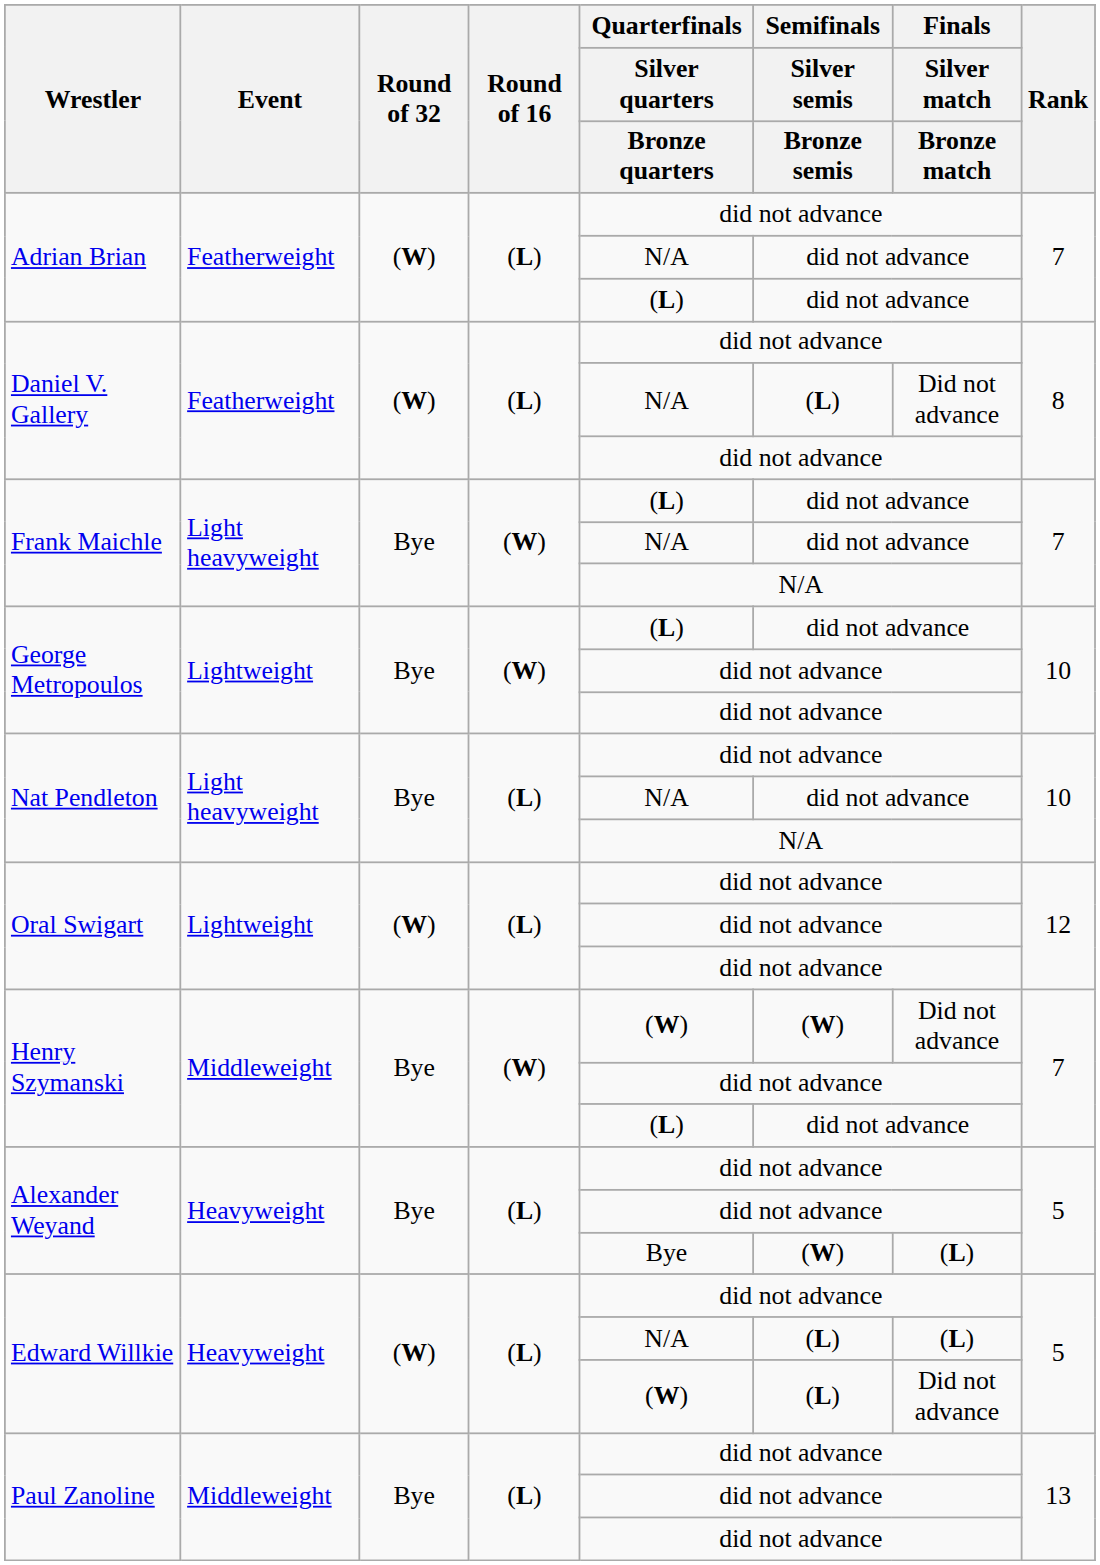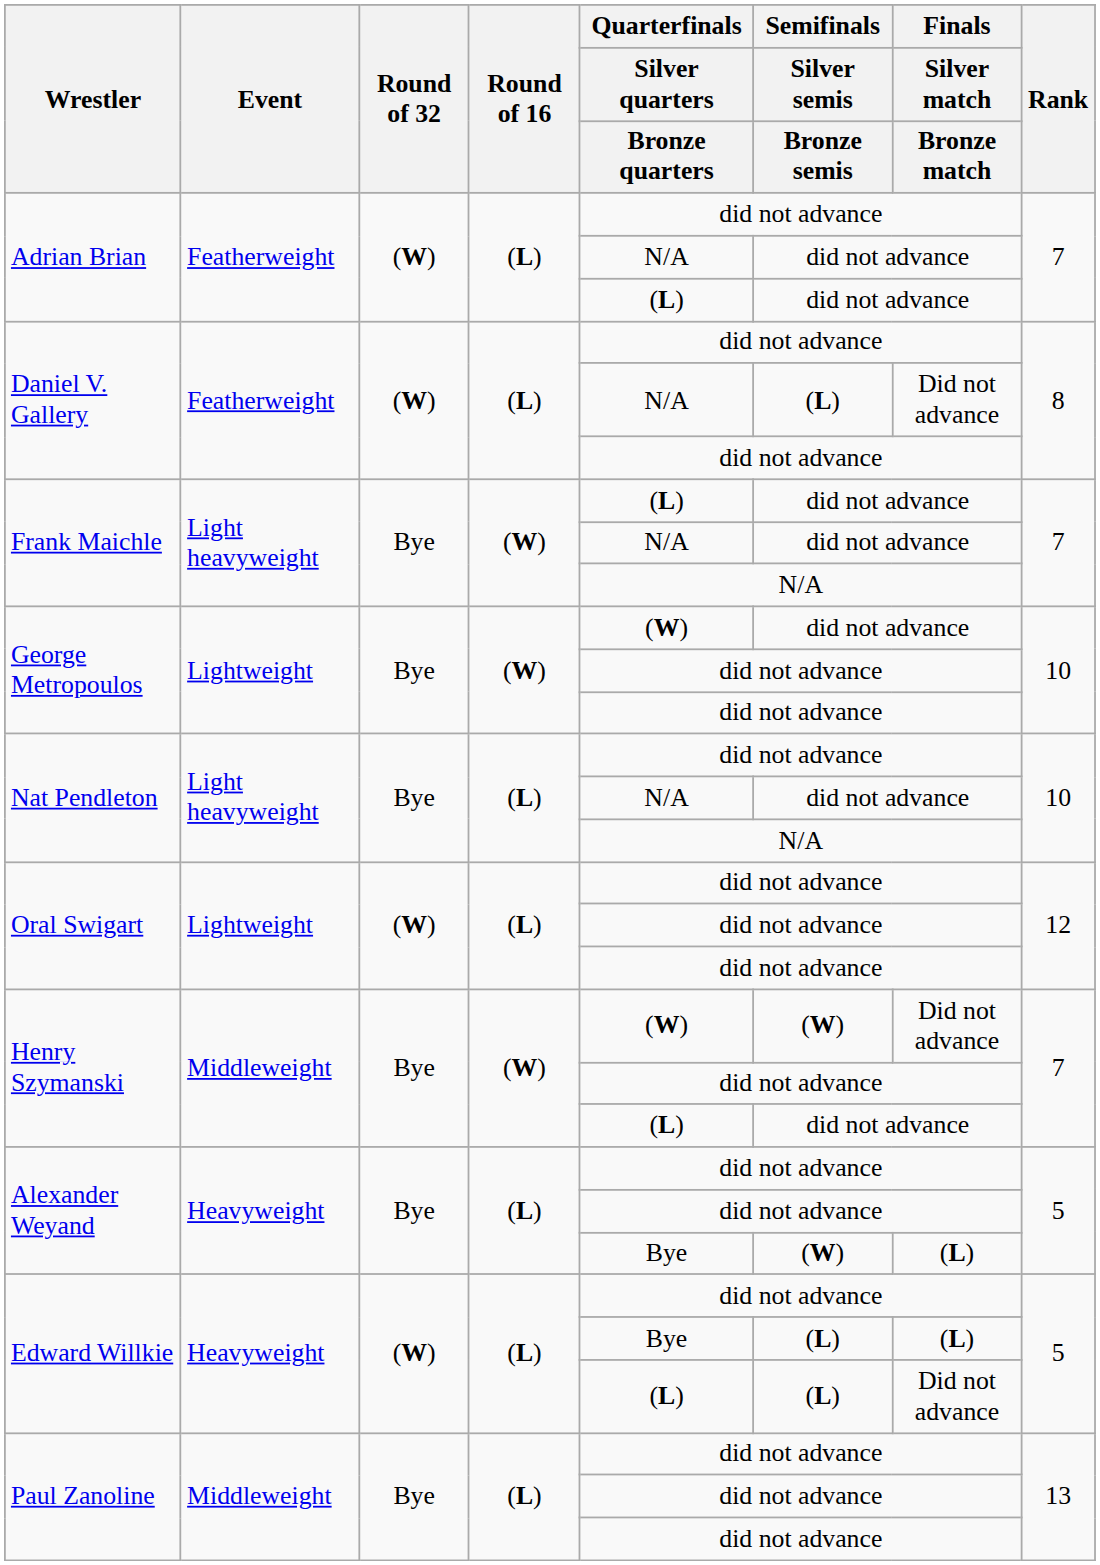 <table class=wikitable style="font-size:90%">
 <tr>
 <th rowspan=3>Wrestler</th>
 <th rowspan=3>Event</th>
 <th rowspan=3>Round of 32</th>
 <th rowspan=3>Round of 16</th>
 <th>Quarterfinals</th>
 <th>Semifinals</th>
 <th>Finals</th>
 <th rowspan=3>Rank</th>
 </tr>
 <tr>
 <th>Silver quarters</th>
 <th>Silver semis</th>
 <th>Silver match</th>
 </tr>
 <tr>
 <th>Bronze quarters</th>
 <th>Bronze semis</th>
 <th>Bronze match</th>
 </tr>
 <tr>
 <td rowspan=3><a href='#'>Adrian Brian</a></td>
 <td rowspan=3><a href='#'>Featherweight</a></td>
 <td align=center rowspan=3> (<strong>W</strong>)</td>
 <td align=center rowspan=3> (<strong>L</strong>)</td>
 <td align=center colspan=3>did not advance</td>
 <td align=center rowspan=3>7</td>
 </tr>
 <tr>
 <td align=center>N/A</td>
 <td align=center colspan=2>did not advance</td>
 </tr>
 <tr>
 <td align=center> (<strong>L</strong>)</td>
 <td align=center colspan=2>did not advance</td>
 </tr>
 <tr>
 <td rowspan=3><a href='#'>Daniel V. Gallery</a></td>
 <td rowspan=3><a href='#'>Featherweight</a></td>
 <td align=center rowspan=3> (<strong>W</strong>)</td>
 <td align=center rowspan=3> (<strong>L</strong>)</td>
 <td align=center colspan=3>did not advance</td>
 <td align=center rowspan=3>8</td>
 </tr>
 <tr>
 <td align=center>N/A</td>
 <td align=center> (<strong>L</strong>)</td>
 <td align=center>Did not advance</td>
 </tr>
 <tr>
 <td align=center colspan=3>did not advance</td>
 </tr>
 <tr>
 <td rowspan=3><a href='#'>Frank Maichle</a></td>
 <td rowspan=3><a href='#'>Light heavyweight</a></td>
 <td align=center rowspan=3>Bye</td>
 <td align=center rowspan=3> (<strong>W</strong>)</td>
 <td align=center> (<strong>L</strong>)</td>
 <td align=center colspan=2>did not advance</td>
 <td align=center rowspan=3>7</td>
 </tr>
 <tr>
 <td align=center>N/A</td>
 <td align=center colspan=2>did not advance</td>
 </tr>
 <tr>
 <td align=center colspan=3>N/A</td>
 </tr>
 <tr>
 <td rowspan=3><a href='#'>George Metropoulos</a></td>
 <td rowspan=3><a href='#'>Lightweight</a></td>
 <td align=center rowspan=3>Bye</td>
 <td align=center rowspan=3> (<strong>W</strong>)</td>
-<td align=center> (<strong>L</strong>)</td>
+<td align=center> (<strong>W</strong>)</td>
 <td align=center colspan=2>did not advance</td>
 <td align=center rowspan=3>10</td>
 </tr>
 <tr>
 <td align=center colspan=3>did not advance</td>
 </tr>
 <tr>
 <td align=center colspan=3>did not advance</td>
 </tr>
 <tr>
 <td rowspan=3><a href='#'>Nat Pendleton</a></td>
 <td rowspan=3><a href='#'>Light heavyweight</a></td>
 <td align=center rowspan=3>Bye</td>
 <td align=center rowspan=3> (<strong>L</strong>)</td>
 <td align=center colspan=3>did not advance</td>
 <td align=center rowspan=3>10</td>
 </tr>
 <tr>
 <td align=center>N/A</td>
 <td align=center colspan=2>did not advance</td>
 </tr>
 <tr>
 <td align=center colspan=3>N/A</td>
 </tr>
 <tr>
 <td rowspan=3><a href='#'>Oral Swigart</a></td>
 <td rowspan=3><a href='#'>Lightweight</a></td>
 <td align=center rowspan=3> (<strong>W</strong>)</td>
 <td align=center rowspan=3> (<strong>L</strong>)</td>
 <td align=center colspan=3>did not advance</td>
 <td align=center rowspan=3>12</td>
 </tr>
 <tr>
 <td align=center colspan=3>did not advance</td>
 </tr>
 <tr>
 <td align=center colspan=3>did not advance</td>
 </tr>
 <tr>
 <td rowspan=3><a href='#'>Henry Szymanski</a></td>
 <td rowspan=3><a href='#'>Middleweight</a></td>
 <td align=center rowspan=3>Bye</td>
 <td align=center rowspan=3> (<strong>W</strong>)</td>
 <td align=center> (<strong>W</strong>)</td>
 <td align=center> (<strong>W</strong>)</td>
 <td align=center>Did not advance</td>
 <td align=center rowspan=3>7</td>
 </tr>
 <tr>
 <td align=center colspan=3>did not advance</td>
 </tr>
 <tr>
 <td align=center> (<strong>L</strong>)</td>
 <td align=center colspan=2>did not advance</td>
 </tr>
 <tr>
 <td rowspan=3><a href='#'>Alexander Weyand</a></td>
 <td rowspan=3><a href='#'>Heavyweight</a></td>
 <td align=center rowspan=3>Bye</td>
 <td align=center rowspan=3> (<strong>L</strong>)</td>
 <td align=center colspan=3>did not advance</td>
 <td align=center rowspan=3>5</td>
 </tr>
 <tr>
 <td align=center colspan=3>did not advance</td>
 </tr>
 <tr>
 <td align=center>Bye</td>
 <td align=center> (<strong>W</strong>)</td>
 <td align=center> (<strong>L</strong>)</td>
 </tr>
 <tr>
 <td rowspan=3><a href='#'>Edward Willkie</a></td>
 <td rowspan=3><a href='#'>Heavyweight</a></td>
 <td align=center rowspan=3> (<strong>W</strong>)</td>
 <td align=center rowspan=3> (<strong>L</strong>)</td>
 <td align=center colspan=3>did not advance</td>
 <td align=center rowspan=3>5</td>
 </tr>
 <tr>
-<td align=center>N/A</td>
+<td align=center>Bye</td>
 <td align=center> (<strong>L</strong>)</td>
 <td align=center> (<strong>L</strong>)</td>
 </tr>
 <tr>
-<td align=center> (<strong>W</strong>)</td>
+<td align=center> (<strong>L</strong>)</td>
 <td align=center> (<strong>L</strong>)</td>
 <td align=center>Did not advance</td>
 </tr>
 <tr>
 <td rowspan=3><a href='#'>Paul Zanoline</a></td>
 <td rowspan=3><a href='#'>Middleweight</a></td>
 <td align=center rowspan=3>Bye</td>
 <td align=center rowspan=3> (<strong>L</strong>)</td>
 <td align=center colspan=3>did not advance</td>
 <td align=center rowspan=3>13</td>
 </tr>
 <tr>
 <td align=center colspan=3>did not advance</td>
 </tr>
 <tr>
 <td align=center colspan=3>did not advance</td>
 </tr>
 </table>
